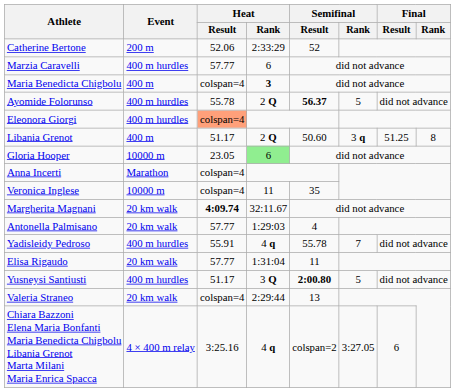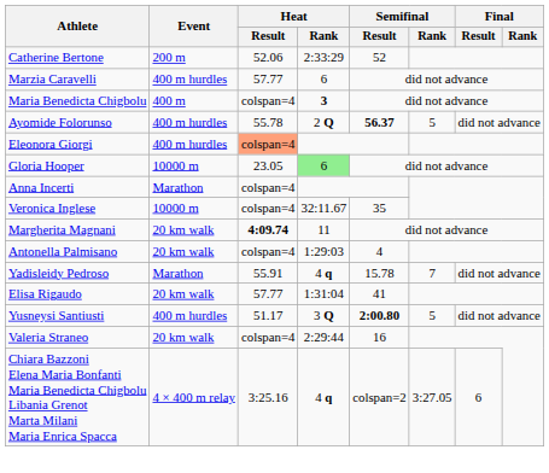 <table class="wikitable" style="font-size:90%">
 <tr>
 <th rowspan="2">Athlete</th>
 <th rowspan="2">Event</th>
 <th colspan="2">Heat</th>
 <th colspan="2">Semifinal</th>
 <th colspan="2">Final</th>
 </tr>
 <tr style="font-size:95%">
 <th>Result</th>
 <th>Rank</th>
 <th>Result</th>
 <th>Rank</th>
 <th>Result</th>
 <th>Rank</th>
 </tr>
 <tr align=center>
 <td align=left><a href='#'>Catherine Bertone</a></td>
 <td align=left><a href='#'>200 m</a></td>
 <td>52.06</td>
 <td>2:33:29</td>
 <td>52</td>
 </tr>
 <tr align=center>
 <td align=left><a href='#'>Marzia Caravelli</a></td>
 <td align=left><a href='#'>400 m hurdles</a></td>
 <td>57.77</td>
 <td>6</td>
 <td colspan=4>did not advance</td>
 </tr>
 <tr align=center>
 <td align=left><a href='#'>Maria Benedicta Chigbolu</a></td>
 <td align=left><a href='#'>400 m</a></td>
 <td>colspan=4 </td>
 <td><strong>3</strong></td>
 <td colspan=4>did not advance</td>
 </tr>
 <tr align=center>
 <td align=left><a href='#'>Ayomide Folorunso</a></td>
 <td align=left><a href='#'>400 m hurdles</a></td>
 <td>55.78</td>
 <td>2 <strong>Q</strong></td>
 <td><strong>56.37</strong></td>
 <td>5</td>
 <td colspan=2>did not advance</td>
 </tr>
 <tr align=center>
 <td align=left><a href='#'>Eleonora Giorgi</a></td>
 <td align=left><a href='#'>400 m hurdles</a></td>
 <td style="background: lightsalmon;">colspan=4 </td>
 <td colspan=2></td>
 </tr>
 <tr align=center>
-<td align=left><a href='#'>Libania Grenot</a></td>
-<td align=left><a href='#'>400 m</a></td>
-<td>51.17</td>
-<td>2 <strong>Q</strong></td>
-<td>50.60</td>
-<td>3 <strong>q</strong></td>
-<td>51.25</td>
-<td>8</td>
-</tr>
-<tr align=center>
 <td align=left><a href='#'>Gloria Hooper</a></td>
 <td align=left><a href='#'>10000 m</a></td>
 <td>23.05</td>
 <td style="background: lightgreen;">6</td>
 <td colspan=4>did not advance</td>
 </tr>
 <tr align=center>
 <td align=left><a href='#'>Anna Incerti</a></td>
 <td align=left><a href='#'>Marathon</a></td>
 <td>colspan=4 </td>
 <td colspan=2></td>
 </tr>
 <tr align=center>
 <td align=left><a href='#'>Veronica Inglese</a></td>
 <td align=left><a href='#'>10000 m</a></td>
 <td>colspan=4 </td>
-<td>11</td>
+<td>32:11.67</td>
 <td>35</td>
 </tr>
 <tr align=center>
 <td align=left><a href='#'>Margherita Magnani</a></td>
 <td align=left><a href='#'>20 km walk</a></td>
 <td><strong>4:09.74</strong></td>
-<td>32:11.67</td>
+<td>11</td>
 <td colspan=4>did not advance</td>
 </tr>
 <tr align=center>
 <td align=left><a href='#'>Antonella Palmisano</a></td>
 <td align=left><a href='#'>20 km walk</a></td>
-<td>57.77</td>
+<td>colspan=4 </td>
 <td>1:29:03</td>
 <td>4</td>
 </tr>
 <tr align=center>
 <td align=left><a href='#'>Yadisleidy Pedroso</a></td>
-<td align=left><a href='#'>400 m hurdles</a></td>
+<td align=left><a href='#'>Marathon</a></td>
 <td>55.91</td>
 <td>4 <strong>q</strong></td>
-<td>55.78</td>
+<td>15.78</td>
 <td>7</td>
 <td colspan=2>did not advance</td>
 </tr>
 <tr align=center>
 <td align=left><a href='#'>Elisa Rigaudo</a></td>
 <td align=left><a href='#'>20 km walk</a></td>
 <td>57.77</td>
 <td>1:31:04</td>
-<td>11</td>
+<td>41</td>
 </tr>
 <tr align=center>
 <td align=left><a href='#'>Yusneysi Santiusti</a></td>
 <td align=left><a href='#'>400 m hurdles</a></td>
 <td>51.17</td>
 <td>3 <strong>Q</strong></td>
 <td><strong>2:00.80</strong></td>
 <td>5</td>
 <td colspan=2>did not advance</td>
 </tr>
 <tr align=center>
 <td align=left><a href='#'>Valeria Straneo</a></td>
 <td align=left><a href='#'>20 km walk</a></td>
 <td>colspan=4 </td>
 <td>2:29:44</td>
-<td>13</td>
+<td>16</td>
 </tr>
 <tr align=center>
 <td align=left><a href='#'>Chiara Bazzoni</a><br><a href='#'>Elena Maria Bonfanti</a><br><a href='#'>Maria Benedicta Chigbolu</a><br><a href='#'>Libania Grenot</a><br><a href='#'>Marta Milani</a><br><a href='#'>Maria Enrica Spacca</a></td>
 <td align=left><a href='#'>4 × 400 m relay</a></td>
 <td>3:25.16</td>
 <td>4 <strong>q</strong></td>
 <td>colspan=2 </td>
 <td>3:27.05</td>
 <td>6</td>
 </tr>
 </table>
